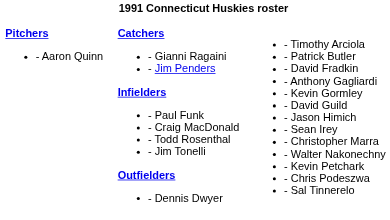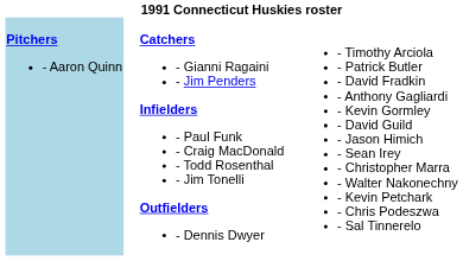 <table class="toccolours" style="border-collapse:collapse; font-size:90%;">
 <tr>
 <th colspan=9>1991 Connecticut Huskies roster</th>
 </tr>
 <tr>
 </tr>
 <tr>
 <td width="03"> </td>
-<td valign="top"><br><strong><a href='#'>Pitchers</a></strong><ul><li>- Aaron Quinn</li></ul></td>
+<td valign="top" style="background: lightblue;"><br><strong><a href='#'>Pitchers</a></strong><ul><li>- Aaron Quinn</li></ul></td>
 <td width="15"> </td>
 <td valign="top"><br><strong><a href='#'>Catchers</a></strong><ul><li>- Gianni Ragaini</li><li>- <a href='#'>Jim Penders</a></li></ul><strong><a href='#'>Infielders</a></strong><ul><li>- Paul Funk</li><li>- Craig MacDonald</li><li>- Todd Rosenthal</li><li>- Jim Tonelli</li></ul><strong><a href='#'>Outfielders</a></strong><ul><li>- Dennis Dwyer</li></ul></td>
 <td width="15"> </td>
 <td valign="top"><br><ul><li>- Timothy Arciola</li><li>- Patrick Butler</li><li>- David Fradkin</li><li>- Anthony Gagliardi</li><li>- Kevin Gormley</li><li>- David Guild</li><li>- Jason Himich</li><li>- Sean Irey</li><li>- Christopher Marra</li><li>- Walter Nakonechny</li><li>- Kevin Petchark</li><li>- Chris Podeszwa</li><li>- Sal Tinnerelo</li></ul></td>
 <td width="25"> </td>
 </tr>
 </table>
